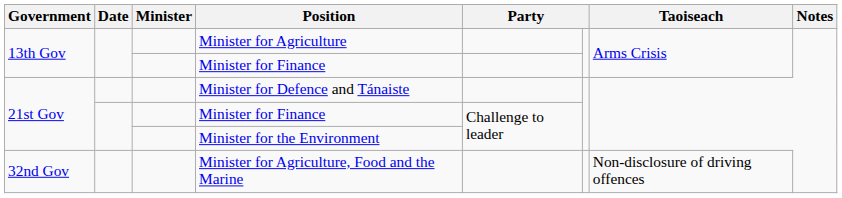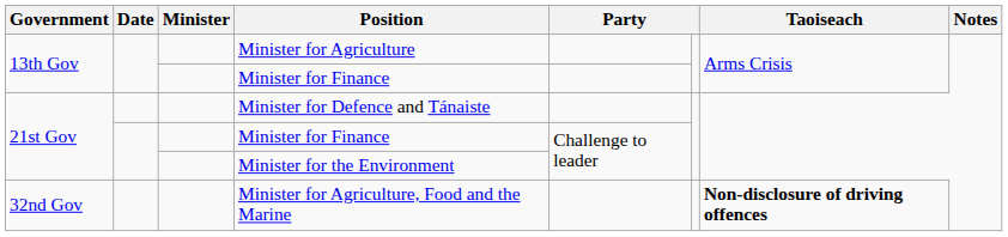 <table class="wikitable sortable">
 <tr>
 <th>Government</th>
 <th>Date</th>
 <th>Minister</th>
 <th>Position</th>
 <th colspan=2>Party</th>
 <th>Taoiseach</th>
 <th>Notes</th>
 </tr>
 <tr>
 <td rowspan=2><a href='#'>13th Gov</a></td>
 <td rowspan=2></td>
 <td></td>
 <td data-sort-value="ag"><a href='#'>Minister for Agriculture</a></td>
 <td></td>
 <td rowspan=2></td>
 <td rowspan=2><a href='#'>Arms Crisis</a></td>
 </tr>
 <tr>
 <td></td>
 <td data-sort-value="fin"><a href='#'>Minister for Finance</a></td>
 </tr>
 <tr>
 <td rowspan=3><a href='#'>21st Gov</a></td>
 <td></td>
 <td></td>
 <td data-sort-value="def"><a href='#'>Minister for Defence</a> and <a href='#'>Tánaiste</a></td>
 <td></td>
 <td rowspan=3></td>
 </tr>
 <tr>
 <td rowspan=2></td>
 <td></td>
 <td data-sort-value="fin"><a href='#'>Minister for Finance</a></td>
 <td rowspan=2>Challenge to leader</td>
 </tr>
 <tr>
 <td></td>
 <td data-sort-value="en"><a href='#'>Minister for the Environment</a></td>
 </tr>
 <tr>
 <td><a href='#'>32nd Gov</a></td>
 <td></td>
 <td></td>
 <td data-sort-value="ag"><a href='#'>Minister for Agriculture, Food and the Marine</a></td>
 <td></td>
 <td></td>
-<td>Non-disclosure of driving offences</td>
+<td><strong>Non-disclosure of driving offences</strong></td>
 </tr>
 </table>
